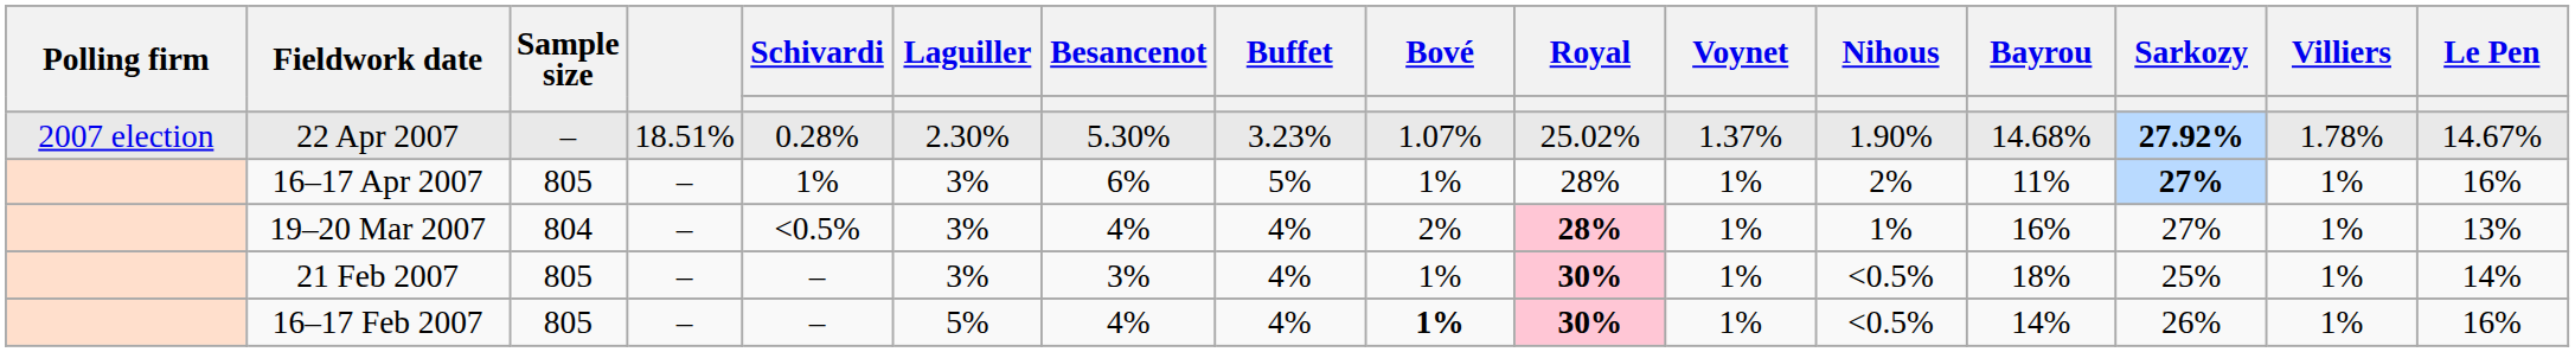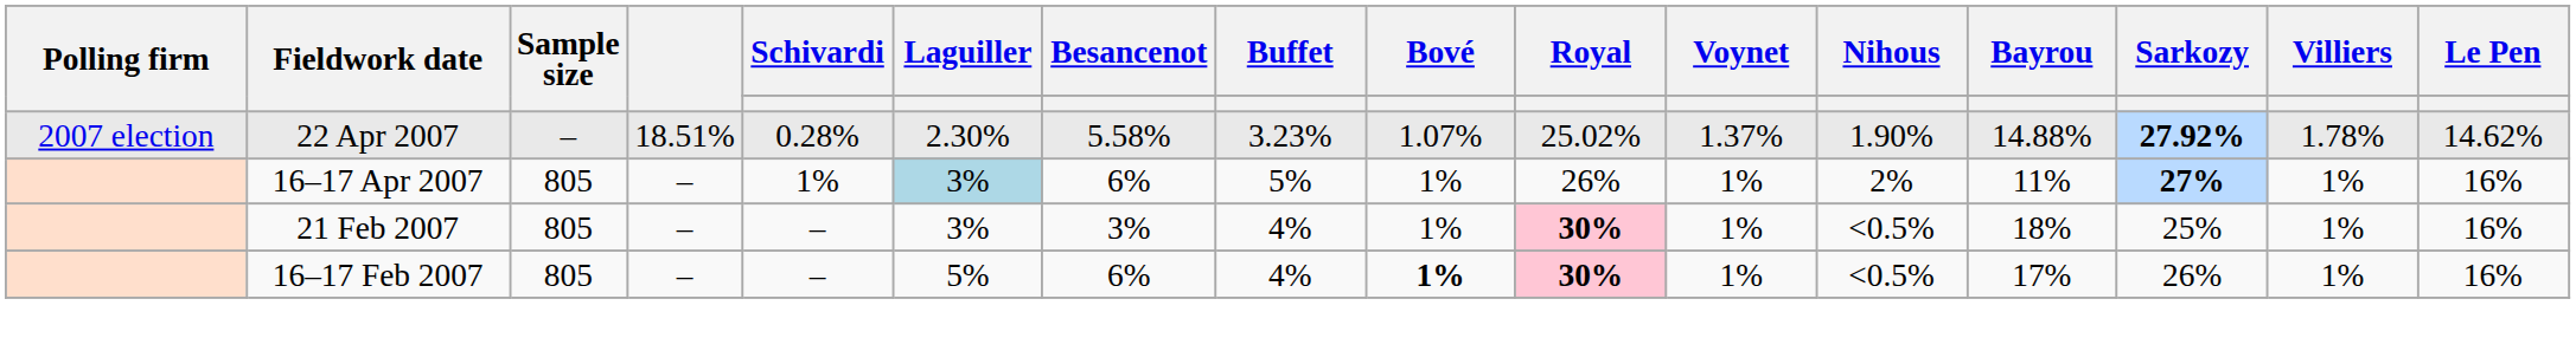 <table class="wikitable sortable" style="text-align:center;font-size:90%;line-height:14px;">
 <tr style="height:40px;">
 <th style="width:100px;" rowspan="2">Polling firm</th>
 <th style="width:110px;" rowspan="2">Fieldwork date</th>
 <th style="width:35px;" rowspan="2">Sample<br>size</th>
 <th style="width:30px;" rowspan="2"></th>
 <th class="unsortable" style="width:60px;"><a href='#'>Schivardi</a><br></th>
 <th class="unsortable" style="width:60px;"><a href='#'>Laguiller</a><br></th>
 <th class="unsortable" style="width:60px;"><a href='#'>Besancenot</a><br></th>
 <th class="unsortable" style="width:60px;"><a href='#'>Buffet</a><br></th>
 <th class="unsortable" style="width:60px;"><a href='#'>Bové</a><br></th>
 <th class="unsortable" style="width:60px;"><a href='#'>Royal</a><br></th>
 <th class="unsortable" style="width:60px;"><a href='#'>Voynet</a><br></th>
 <th class="unsortable" style="width:60px;"><a href='#'>Nihous</a><br></th>
 <th class="unsortable" style="width:60px;"><a href='#'>Bayrou</a><br></th>
 <th class="unsortable" style="width:60px;"><a href='#'>Sarkozy</a><br></th>
 <th class="unsortable" style="width:60px;"><a href='#'>Villiers</a><br></th>
 <th class="unsortable" style="width:60px;"><a href='#'>Le Pen</a><br></th>
 </tr>
 <tr>
 <th style="background:"></th>
 <th style="background:"></th>
 <th style="background:"></th>
 <th style="background:"></th>
 <th style="background:"></th>
 <th style="background:"></th>
 <th style="background:"></th>
 <th style="background:"></th>
 <th style="background:"></th>
 <th style="background:"></th>
 <th style="background:"></th>
 <th style="background:"></th>
 </tr>
 <tr style="background:#E9E9E9;">
 <td><a href='#'>2007 election</a></td>
 <td data-sort-value="2007-04-22">22 Apr 2007</td>
 <td>–</td>
 <td>18.51%</td>
 <td>0.28%</td>
 <td>2.30%</td>
-<td>5.30%</td>
+<td>5.58%</td>
 <td>3.23%</td>
 <td>1.07%</td>
 <td>25.02%</td>
 <td>1.37%</td>
 <td>1.90%</td>
-<td>14.68%</td>
+<td>14.88%</td>
 <td style="background:#B9DAFF;"><strong>27.92%</strong></td>
 <td>1.78%</td>
-<td>14.67%</td>
+<td>14.62%</td>
 </tr>
 <tr>
 <td style="background:#FFDFCC;"></td>
 <td data-sort-value="2007-04-17">16–17 Apr 2007</td>
 <td>805</td>
 <td>–</td>
 <td>1%</td>
-<td>3%</td>
+<td style="background: lightblue;">3%</td>
 <td>6%</td>
 <td>5%</td>
 <td>1%</td>
-<td>28%</td>
+<td>26%</td>
 <td>1%</td>
 <td>2%</td>
 <td>11%</td>
 <td style="background:#B9DAFF;"><strong>27%</strong></td>
 <td>1%</td>
 <td>16%</td>
-</tr>
-<tr>
-<td style="background:#FFDFCC;"></td>
-<td data-sort-value="2007-03-20">19–20 Mar 2007</td>
-<td>804</td>
-<td>–</td>
-<td data-sort-value="0%"><0.5%</td>
-<td>3%</td>
-<td>4%</td>
-<td>4%</td>
-<td>2%</td>
-<td style="background:#FFC6D5;"><strong>28%</strong></td>
-<td>1%</td>
-<td>1%</td>
-<td>16%</td>
-<td>27%</td>
-<td>1%</td>
-<td>13%</td>
 </tr>
 <tr>
 <td style="background:#FFDFCC;"></td>
 <td data-sort-value="2007-02-21">21 Feb 2007</td>
 <td>805</td>
 <td>–</td>
 <td>–</td>
 <td>3%</td>
 <td>3%</td>
 <td>4%</td>
 <td>1%</td>
 <td style="background:#FFC6D5;"><strong>30%</strong></td>
 <td>1%</td>
 <td data-sort-value="0%"><0.5%</td>
 <td>18%</td>
 <td>25%</td>
 <td>1%</td>
-<td>14%</td>
+<td>16%</td>
 </tr>
 <tr>
 <td style="background:#FFDFCC;"></td>
 <td data-sort-value="2007-02-17">16–17 Feb 2007</td>
 <td>805</td>
 <td>–</td>
 <td>–</td>
 <td>5%</td>
-<td>4%</td>
+<td>6%</td>
 <td>4%</td>
 <td><strong>1%</strong></td>
 <td style="background:#FFC6D5;"><strong>30%</strong></td>
 <td>1%</td>
 <td data-sort-value="0%"><0.5%</td>
-<td>14%</td>
+<td>17%</td>
 <td>26%</td>
 <td>1%</td>
 <td>16%</td>
 </tr>
 </table>
